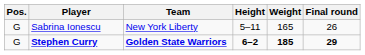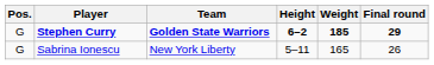 <table class="wikitable">
 <tr>
 <th>Pos.</th>
 <th style="width:150px;">Player</th>
 <th width=175>Team</th>
 <th>Height</th>
 <th>Weight</th>
 <th>Final round</th>
 </tr>
 <tr>
 <td style="text-align:center">G</td>
+<td><strong><a href='#'>Stephen Curry</a></strong></td>
+<td><strong><a href='#'>Golden State Warriors</a></strong></td>
+<td style="text-align:center"><strong>6–2</strong></td>
+<td style="text-align:center"><strong>185</strong></td>
+<td style="text-align:center;"><strong>29</strong></td>
+</tr>
+<tr>
+<td style="text-align:center">G</td>
 <td><a href='#'>Sabrina Ionescu</a></td>
 <td><a href='#'>New York Liberty</a></td>
 <td style="text-align:center">5–11</td>
 <td style="text-align:center">165</td>
 <td style="text-align:center;">26</td>
 </tr>
-<tr>
-<td style="text-align:center">G</td>
-<td><strong><a href='#'>Stephen Curry</a></strong></td>
-<td><strong><a href='#'>Golden State Warriors</a></strong></td>
-<td style="text-align:center"><strong>6–2</strong></td>
-<td style="text-align:center"><strong>185</strong></td>
-<td style="text-align:center;"><strong>29</strong></td>
-</tr>
 </table>
